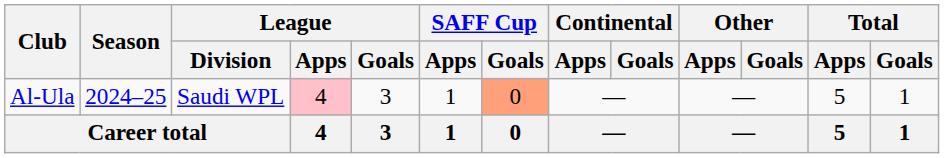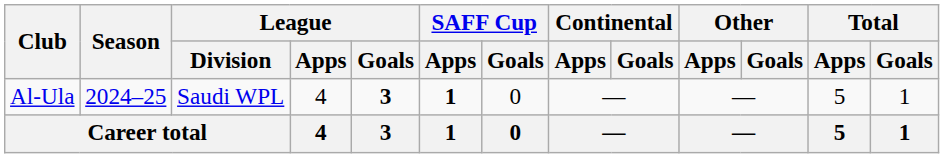 <table class="wikitable" style="text-align: center">
 <tr>
 <th rowspan="2">Club</th>
 <th rowspan="2">Season</th>
 <th colspan="3">League</th>
 <th colspan="2"><a href='#'>SAFF Cup</a></th>
 <th colspan="2">Continental</th>
 <th colspan="2">Other</th>
 <th colspan="2">Total</th>
 </tr>
 <tr>
 <th>Division</th>
 <th>Apps</th>
 <th>Goals</th>
 <th>Apps</th>
 <th>Goals</th>
 <th>Apps</th>
 <th>Goals</th>
 <th>Apps</th>
 <th>Goals</th>
 <th>Apps</th>
 <th>Goals</th>
 </tr>
 <tr>
 <td><a href='#'>Al-Ula</a></td>
 <td><a href='#'>2024–25</a></td>
 <td><a href='#'>Saudi WPL</a></td>
-<td style="background: pink;">4</td>
-<td>3</td>
-<td>1</td>
-<td style="background: lightsalmon;">0</td>
+<td>4</td>
+<td><strong>3</strong></td>
+<td><strong>1</strong></td>
+<td>0</td>
 <td colspan="2">—</td>
 <td colspan="2">—</td>
 <td>5</td>
 <td>1</td>
 </tr>
 <tr>
 <th colspan="3">Career total</th>
 <th>4</th>
 <th>3</th>
 <th>1</th>
 <th>0</th>
 <th colspan="2">—</th>
 <th colspan="2">—</th>
 <th>5</th>
 <th>1</th>
 </tr>
 </table>
